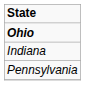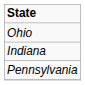 <table class="wikitable">
 <tr>
 <td><strong>State</strong></td>
 </tr>
 <tr>
-<td><strong><em>Ohio</em></strong></td>
+<td><em>Ohio</em></td>
 </tr>
 <tr>
 <td><em>Indiana</em></td>
 </tr>
 <tr>
 <td><em>Pennsylvania</em></td>
 </tr>
 <tr>
 </tr>
 </table>
